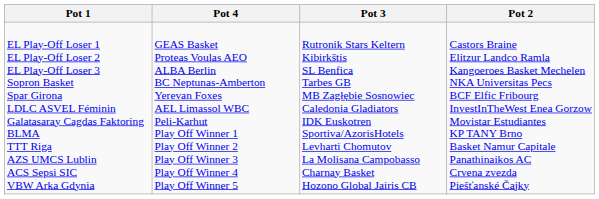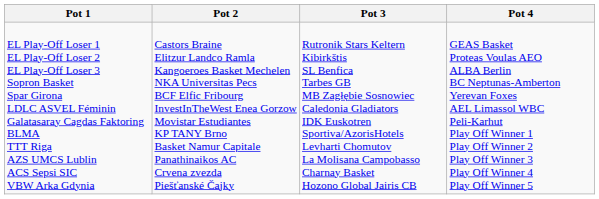 <table class="wikitable collapsible">
 <tr>
 <th width=25%>Pot 1</th>
+<th width=25%>Pot 2</th>
+<th width=25%>Pot 3</th>
 <th width=25%>Pot 4</th>
-<th width=25%>Pot 3</th>
-<th width=25%>Pot 2</th>
 </tr>
 <tr>
 <td><br> <a href='#'>EL Play-Off Loser 1</a><br>  <a href='#'>EL Play-Off Loser 2</a><br>  <a href='#'>EL Play-Off Loser 3</a><br>  <a href='#'>Sopron Basket</a><br>  <a href='#'>Spar Girona</a><br>  <a href='#'>LDLC ASVEL Féminin</a><br>  <a href='#'>Galatasaray Cagdas Faktoring</a><br>  <a href='#'>BLMA</a><br>  <a href='#'>TTT Riga</a><br>  <a href='#'>AZS UMCS Lublin</a><br>  <a href='#'>ACS Sepsi SIC</a><br>  <a href='#'>VBW Arka Gdynia</a></td>
+<td><br> <a href='#'>Castors Braine</a><br>  <a href='#'>Elitzur Landco Ramla</a><br>  <a href='#'>Kangoeroes Basket Mechelen</a><br>  <a href='#'>NKA Universitas Pecs</a><br>  <a href='#'>BCF Elfic Fribourg</a><br>  <a href='#'>InvestInTheWest Enea Gorzow</a><br>  <a href='#'>Movistar Estudiantes</a><br>  <a href='#'>KP TANY Brno</a><br>  <a href='#'>Basket Namur Capitale</a><br>  <a href='#'>Panathinaikos AC</a><br>  <a href='#'>Crvena zvezda</a><br>  <a href='#'>Piešťanské Čajky</a></td>
+<td><br> <a href='#'>Rutronik Stars Keltern</a><br>  <a href='#'>Kibirkštis</a><br>  <a href='#'>SL Benfica</a><br>  <a href='#'>Tarbes GB</a><br>  <a href='#'>MB Zagłębie Sosnowiec</a><br>  <a href='#'>Caledonia Gladiators</a><br>  <a href='#'>IDK Euskotren</a><br>  <a href='#'>Sportiva/AzorisHotels</a><br>  <a href='#'>Levharti Chomutov</a><br>  <a href='#'>La Molisana Campobasso</a>   <br>  <a href='#'>Charnay Basket</a><br>  <a href='#'>Hozono Global Jairis CB</a></td>
 <td><br> <a href='#'>GEAS Basket</a><br>  <a href='#'>Proteas Voulas AEO</a><br>  <a href='#'>ALBA Berlin</a><br>  <a href='#'>BC Neptunas-Amberton</a> <br>  <a href='#'>Yerevan Foxes</a><br>  <a href='#'>AEL Limassol WBC</a><br>  <a href='#'>Peli-Karhut</a><br>  <a href='#'>Play Off Winner 1</a><br>  <a href='#'>Play Off Winner 2</a><br>  <a href='#'>Play Off Winner 3</a><br>  <a href='#'>Play Off Winner 4</a><br>  <a href='#'>Play Off Winner 5</a></td>
-<td><br> <a href='#'>Rutronik Stars Keltern</a><br>  <a href='#'>Kibirkštis</a><br>  <a href='#'>SL Benfica</a><br>  <a href='#'>Tarbes GB</a><br>  <a href='#'>MB Zagłębie Sosnowiec</a><br>  <a href='#'>Caledonia Gladiators</a><br>  <a href='#'>IDK Euskotren</a><br>  <a href='#'>Sportiva/AzorisHotels</a><br>  <a href='#'>Levharti Chomutov</a><br>  <a href='#'>La Molisana Campobasso</a>   <br>  <a href='#'>Charnay Basket</a><br>  <a href='#'>Hozono Global Jairis CB</a></td>
-<td><br> <a href='#'>Castors Braine</a><br>  <a href='#'>Elitzur Landco Ramla</a><br>  <a href='#'>Kangoeroes Basket Mechelen</a><br>  <a href='#'>NKA Universitas Pecs</a><br>  <a href='#'>BCF Elfic Fribourg</a><br>  <a href='#'>InvestInTheWest Enea Gorzow</a><br>  <a href='#'>Movistar Estudiantes</a><br>  <a href='#'>KP TANY Brno</a><br>  <a href='#'>Basket Namur Capitale</a><br>  <a href='#'>Panathinaikos AC</a><br>  <a href='#'>Crvena zvezda</a><br>  <a href='#'>Piešťanské Čajky</a></td>
 </tr>
 </table>
